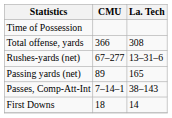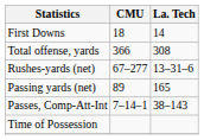 <table class="wikitable">
 <tr>
 <th>Statistics</th>
 <th>CMU</th>
 <th>La. Tech</th>
 </tr>
 <tr>
-<td>Time of Possession</td>
-<td></td>
-<td></td>
+<td>First Downs</td>
+<td>18</td>
+<td>14</td>
 </tr>
 <tr>
 <td>Total offense, yards</td>
 <td>366</td>
 <td>308</td>
 </tr>
 <tr>
 <td>Rushes-yards (net)</td>
 <td>67–277</td>
 <td>13–31–6</td>
 </tr>
 <tr>
 <td>Passing yards (net)</td>
 <td>89</td>
 <td>165</td>
 </tr>
 <tr>
 <td>Passes, Comp-Att-Int</td>
 <td>7–14–1</td>
 <td>38–143</td>
 </tr>
 <tr>
-<td>First Downs</td>
-<td>18</td>
-<td>14</td>
+<td>Time of Possession</td>
+<td></td>
+<td></td>
 </tr>
 <tr>
 </tr>
 </table>
